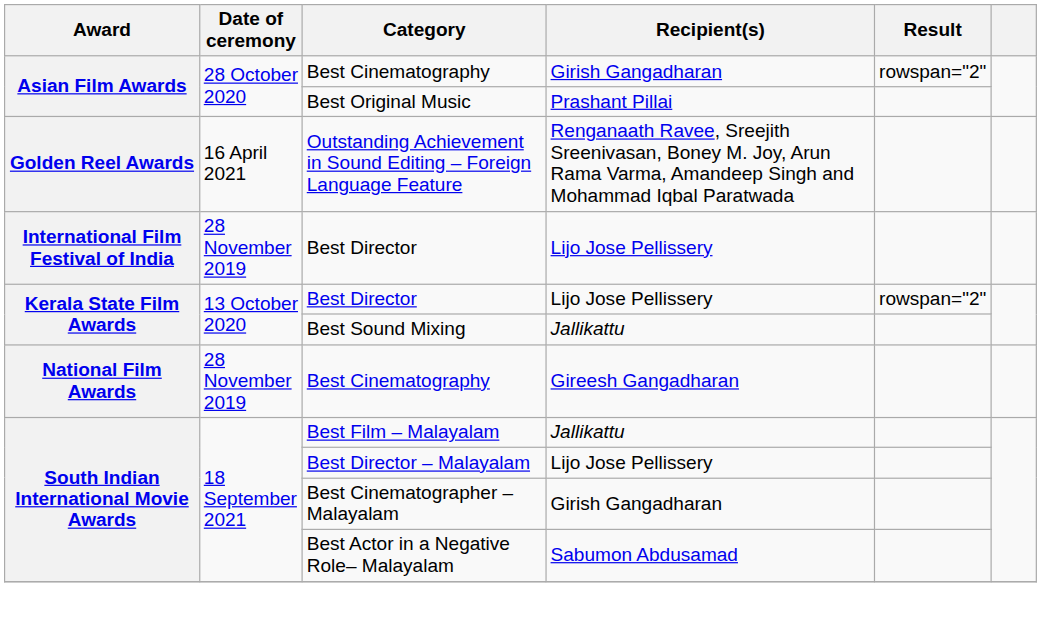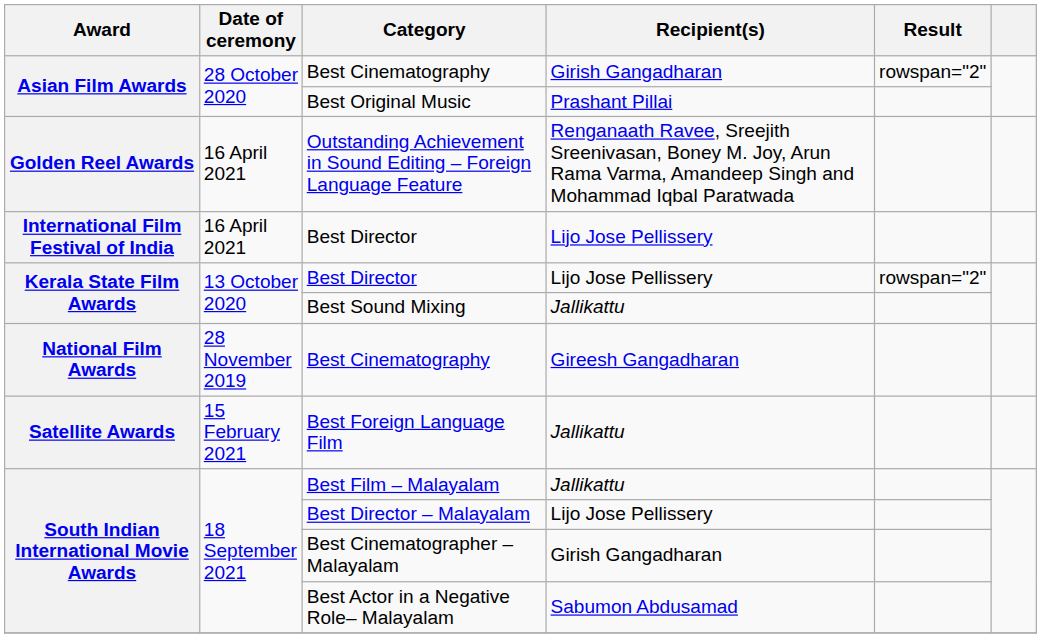 <table class="wikitable plainrowheaders sortable">
 <tr>
 <th scope="col" style="width:20%;">Award</th>
 <th scope="col" style="width:10%;">Date of ceremony</th>
 <th scope="col" style="width:25%;">Category</th>
 <th scope="col" style="width:35%;">Recipient(s)</th>
 <th scope="col" style="width:5%;">Result</th>
 <th scope="col" style="width:10%;" class="unsortable"></th>
 </tr>
 <tr>
 <th rowspan="2"><a href='#'>Asian Film Awards</a></th>
 <td rowspan="2"><a href='#'>28 October 2020</a></td>
 <td>Best Cinematography</td>
 <td><a href='#'>Girish Gangadharan</a></td>
 <td>rowspan="2" </td>
 <td rowspan="2"></td>
 </tr>
 <tr>
 <td>Best Original Music</td>
 <td><a href='#'>Prashant Pillai</a></td>
 </tr>
 <tr>
 <th><a href='#'>Golden Reel Awards</a></th>
 <td>16 April 2021</td>
 <td><a href='#'>Outstanding Achievement in Sound Editing – Foreign Language Feature</a></td>
 <td><a href='#'>Renganaath Ravee</a>, Sreejith Sreenivasan, Boney M. Joy, Arun Rama Varma, Amandeep Singh and Mohammad Iqbal Paratwada</td>
 <td></td>
 <td></td>
 </tr>
 <tr>
 <th><a href='#'>International Film Festival of India</a></th>
-<td><a href='#'>28 November 2019</a></td>
+<td>16 April 2021</td>
 <td>Best Director</td>
 <td><a href='#'>Lijo Jose Pellissery</a></td>
 <td></td>
 <td></td>
 </tr>
 <tr>
 <th rowspan="2"><a href='#'>Kerala State Film Awards</a></th>
 <td rowspan="2"><a href='#'>13 October 2020</a></td>
 <td><a href='#'>Best Director</a></td>
 <td>Lijo Jose Pellissery</td>
 <td>rowspan="2" </td>
 <td rowspan="2"></td>
 </tr>
 <tr>
 <td>Best Sound Mixing</td>
 <td><em>Jallikattu</em></td>
 </tr>
 <tr>
 <th><a href='#'>National Film Awards</a></th>
 <td><a href='#'>28 November 2019</a></td>
 <td><a href='#'>Best Cinematography</a></td>
 <td><a href='#'>Gireesh Gangadharan</a></td>
+<td></td>
+<td></td>
+</tr>
+<tr>
+<th><a href='#'>Satellite Awards</a></th>
+<td><a href='#'>15 February 2021</a></td>
+<td><a href='#'>Best Foreign Language Film</a></td>
+<td><em>Jallikattu</em></td>
 <td></td>
 <td></td>
 </tr>
 <tr>
 <th rowspan="4"><a href='#'>South Indian International Movie Awards</a></th>
 <td rowspan="4"><a href='#'>18 September 2021</a></td>
 <td><a href='#'>Best Film – Malayalam</a></td>
 <td><em>Jallikattu</em></td>
 <td></td>
 <td rowspan="4"></td>
 </tr>
 <tr>
 <td><a href='#'>Best Director – Malayalam</a></td>
 <td>Lijo Jose Pellissery</td>
 <td></td>
 </tr>
 <tr>
 <td>Best Cinematographer – Malayalam</td>
 <td>Girish Gangadharan</td>
 <td></td>
 </tr>
 <tr>
 <td>Best Actor in a Negative Role– Malayalam</td>
 <td><a href='#'>Sabumon Abdusamad</a></td>
 <td></td>
 </tr>
 <tr>
 </tr>
 </table>
